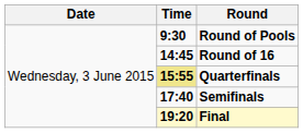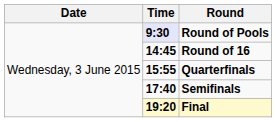 <table class="wikitable">
 <tr>
 <th>Date</th>
 <th>Time</th>
 <th>Round</th>
 </tr>
 <tr>
 <td rowspan="5">Wednesday, 3 June 2015</td>
-<td><strong>9:30</strong></td>
+<td style="background: lavender;"><strong>9:30</strong></td>
 <td><strong>Round of Pools</strong></td>
 </tr>
 <tr>
 <td><strong>14:45</strong></td>
 <td><strong>Round of 16</strong></td>
 </tr>
 <tr>
-<td style="background: khaki;"><strong>15:55</strong></td>
+<td><strong>15:55</strong></td>
 <td><strong>Quarterfinals</strong></td>
 </tr>
 <tr>
 <td><strong>17:40</strong></td>
 <td><strong>Semifinals</strong></td>
 </tr>
 <tr style="background:lemonchiffon;">
 <td><strong>19:20</strong></td>
 <td><strong>Final</strong></td>
 </tr>
 </table>
